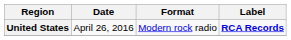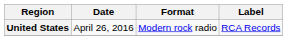 <table class="wikitable plainrowheaders">
 <tr>
 <th>Region</th>
 <th>Date</th>
 <th>Format</th>
 <th>Label</th>
 </tr>
 <tr>
 <th scope="row">United States</th>
 <td>April 26, 2016</td>
 <td><a href='#'>Modern rock</a> radio</td>
-<td><strong><a href='#'>RCA Records</a></strong></td>
+<td><a href='#'>RCA Records</a></td>
 </tr>
 <tr>
 </tr>
 </table>
